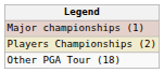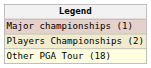 <table class="wikitable" style="font-size:95%;">
 <tr>
 <th>Legend</th>
 </tr>
 <tr style="background:#e5d1cb;">
 <td>Major championships (1)</td>
 </tr>
 <tr style="background:#f2ecce;">
 <td>Players Championships (2)</td>
 </tr>
 <tr>
-<td>Other PGA Tour (18)</td>
+<td style="background: lightyellow;">Other PGA Tour (18)</td>
 </tr>
 </table>
